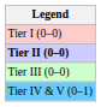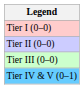 <table class=wikitable style="font-size:90%">
 <tr>
 <th>Legend</th>
 </tr>
 <tr>
 <td bgcolor=ffcccc>Tier I (0–0)</td>
 </tr>
 <tr>
-<td bgcolor=ccccff><strong>Tier II (0–0)</strong></td>
+<td bgcolor=ccccff>Tier II (0–0)</td>
 </tr>
 <tr>
 <td bgcolor=CCFFCC>Tier III (0–0)</td>
 </tr>
 <tr>
 <td bgcolor=66CCFF>Tier IV & V (0–1)</td>
 </tr>
 </table>
